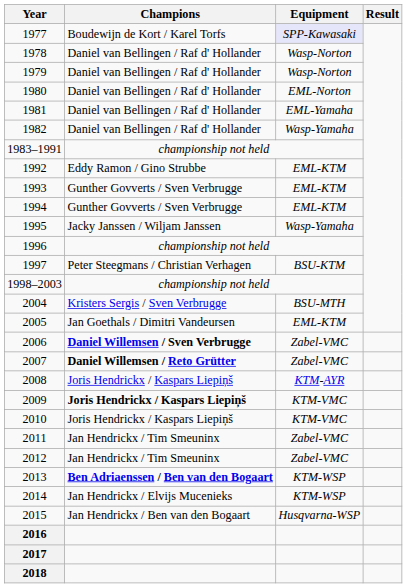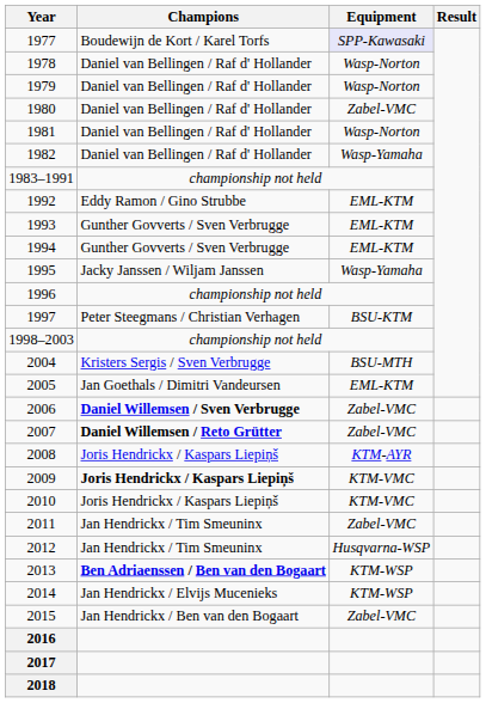 <table class="wikitable" style="display:inline-table;">
 <tr>
 <th>Year</th>
 <th>Champions</th>
 <th>Equipment</th>
 <th>Result</th>
 </tr>
 <tr align="center">
 <td>1977</td>
 <td align="left">Boudewijn de Kort / Karel Torfs</td>
 <td style="background: lavender;"><em>SPP-Kawasaki</em></td>
 <td rowspan=16></td>
 </tr>
 <tr align="center">
 <td>1978</td>
 <td align="left">Daniel van Bellingen / Raf d' Hollander</td>
 <td><em>Wasp-Norton</em></td>
 </tr>
 <tr align="center">
 <td>1979</td>
 <td align="left">Daniel van Bellingen / Raf d' Hollander</td>
 <td><em>Wasp-Norton</em></td>
 </tr>
 <tr align="center">
 <td>1980</td>
 <td align="left">Daniel van Bellingen / Raf d' Hollander</td>
-<td><em>EML-Norton</em></td>
+<td><em>Zabel-VMC</em></td>
 </tr>
 <tr align="center">
 <td>1981</td>
 <td align="left">Daniel van Bellingen / Raf d' Hollander</td>
-<td><em>EML-Yamaha</em></td>
+<td><em>Wasp-Norton</em></td>
 </tr>
 <tr align="center">
 <td>1982</td>
 <td align="left">Daniel van Bellingen / Raf d' Hollander</td>
 <td><em>Wasp-Yamaha</em></td>
 </tr>
 <tr align="center">
 <td>1983–1991</td>
 <td align="center" colspan=2><em>championship not held</em></td>
 </tr>
 <tr align="center">
 <td>1992</td>
 <td align="left">Eddy Ramon / Gino Strubbe</td>
 <td><em>EML-KTM</em></td>
 </tr>
 <tr align="center">
 <td>1993</td>
 <td align="left">Gunther Govverts / Sven Verbrugge</td>
 <td><em>EML-KTM</em></td>
 </tr>
 <tr align="center">
 <td>1994</td>
 <td align="left">Gunther Govverts / Sven Verbrugge</td>
 <td><em>EML-KTM</em></td>
 </tr>
 <tr align="center">
 <td>1995</td>
 <td align="left">Jacky Janssen / Wiljam Janssen</td>
 <td><em>Wasp-Yamaha</em></td>
 </tr>
 <tr align="center">
 <td>1996</td>
 <td align="center" colspan=2><em>championship not held</em></td>
 </tr>
 <tr align="center">
 <td>1997</td>
 <td align="left">Peter Steegmans / Christian Verhagen</td>
 <td><em>BSU-KTM</em></td>
 </tr>
 <tr align="center">
 <td>1998–2003</td>
 <td align="center" colspan=2><em>championship not held</em></td>
 </tr>
 <tr align="center">
 <td>2004</td>
 <td align="left"><a href='#'>Kristers Sergis</a> / <a href='#'>Sven Verbrugge</a></td>
 <td><em>BSU-MTH</em></td>
 </tr>
 <tr align="center">
 <td>2005</td>
 <td align="left">Jan Goethals / Dimitri Vandeursen</td>
 <td><em>EML-KTM</em></td>
 </tr>
 <tr align="center">
 <td>2006</td>
 <td align="left"><strong><a href='#'>Daniel Willemsen</a> / Sven Verbrugge</strong></td>
 <td><em>Zabel-VMC</em></td>
 <td></td>
 </tr>
 <tr align="center">
 <td>2007</td>
 <td align="left"><strong>Daniel Willemsen / <a href='#'>Reto Grütter</a></strong></td>
 <td><em>Zabel-VMC</em></td>
 <td></td>
 </tr>
 <tr align="center">
 <td>2008</td>
 <td align="left"><a href='#'>Joris Hendrickx</a> / <a href='#'>Kaspars Liepiņš</a></td>
 <td><em><a href='#'>KTM</a>-<a href='#'>AYR</a></em></td>
 <td></td>
 </tr>
 <tr align="center">
 <td>2009</td>
 <td align="left"><strong>Joris Hendrickx / Kaspars Liepiņš</strong></td>
 <td><em>KTM-VMC</em></td>
 <td></td>
 </tr>
 <tr align="center">
 <td>2010</td>
 <td align="left">Joris Hendrickx / Kaspars Liepiņš</td>
 <td><em>KTM-VMC</em></td>
 <td></td>
 </tr>
 <tr align="center">
 <td>2011</td>
 <td align="left">Jan Hendrickx / Tim Smeuninx</td>
 <td><em>Zabel-VMC</em></td>
 <td></td>
 </tr>
 <tr align="center">
 <td>2012</td>
 <td align="left">Jan Hendrickx / Tim Smeuninx</td>
-<td><em>Zabel-VMC</em></td>
+<td><em>Husqvarna-WSP</em></td>
 <td></td>
 </tr>
 <tr align="center">
 <td>2013</td>
 <td align="left"><strong><a href='#'>Ben Adriaenssen</a> / <a href='#'>Ben van den Bogaart</a></strong></td>
 <td><em>KTM-WSP</em></td>
 <td> </td>
 </tr>
 <tr align="center">
 <td>2014</td>
 <td align="left">Jan Hendrickx / Elvijs Mucenieks</td>
 <td><em>KTM-WSP</em></td>
 <td> </td>
 </tr>
 <tr align="center">
 <td>2015</td>
 <td align="left">Jan Hendrickx / Ben van den Bogaart</td>
-<td><em>Husqvarna-WSP</em></td>
+<td><em>Zabel-VMC</em></td>
 <td> </td>
 </tr>
 <tr>
 <th>2016</th>
 <td></td>
 <td></td>
 <td></td>
 </tr>
 <tr>
 <th>2017</th>
 <td></td>
 <td></td>
 <td></td>
 </tr>
 <tr>
 <th>2018</th>
 <td></td>
 <td></td>
 <td></td>
 </tr>
 </table>
